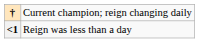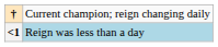 <table class="wikitable sortable">
 <tr>
 <th style="background-color:#ffe6bd">†</th>
 <td>Current champion; reign changing daily</td>
 </tr>
 <tr>
 <th><1</th>
-<td>Reign was less than a day</td>
+<td style="background: lightblue;">Reign was less than a day</td>
 </tr>
 </table>
